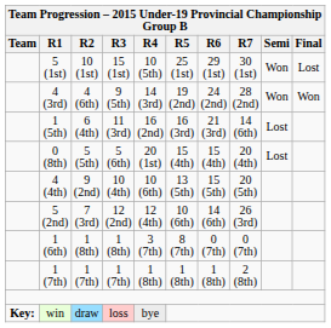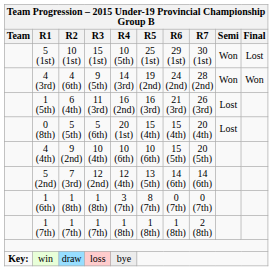 <table class="wikitable collapsible" style="text-align:center; line-height:100%; width:50%; font-size:90%">
 <tr>
 <th colspan=100%>Team Progression – 2015 Under-19 Provincial Championship Group B</th>
 </tr>
 <tr>
 <th style="text-align:left; width:37%;">Team</th>
 <th style="width:7%;">R1</th>
 <th style="width:7%;">R2</th>
 <th style="width:7%;">R3</th>
 <th style="width:7%;">R4</th>
 <th style="width:7%;">R5</th>
 <th style="width:7%;">R6</th>
 <th style="width:7%;">R7</th>
 <th style="width:7%;">Semi</th>
 <th style="width:7%;">Final</th>
 </tr>
 <tr>
 <td align=left></td>
 <td>5 <br>(1st)</td>
 <td>10 <br>(1st)</td>
 <td>15 <br>(1st)</td>
 <td>10 <br>(5th)</td>
 <td>25 <br>(1st)</td>
 <td>29 <br>(1st)</td>
 <td>30 <br>(1st)</td>
 <td>Won</td>
 <td>Lost</td>
 </tr>
 <tr>
 <td align=left></td>
 <td>4 <br>(3rd)</td>
 <td>4 <br>(6th)</td>
 <td>9 <br>(5th)</td>
 <td>14 <br>(3rd)</td>
 <td>19 <br>(2nd)</td>
 <td>24 <br>(2nd)</td>
 <td>28 <br>(2nd)</td>
 <td>Won</td>
 <td>Won</td>
 </tr>
 <tr>
 <td align=left></td>
 <td>1 <br>(5th)</td>
 <td>6 <br>(4th)</td>
 <td>11 <br>(3rd)</td>
 <td>16 <br>(2nd)</td>
 <td>16 <br>(3rd)</td>
 <td>21 <br>(3rd)</td>
-<td>14 <br>(6th)</td>
+<td>26 <br>(3rd)</td>
 <td>Lost</td>
 <td> </td>
 </tr>
 <tr>
 <td align=left></td>
 <td>0 <br>(8th)</td>
 <td>5 <br>(5th)</td>
 <td>5 <br>(6th)</td>
 <td>20 <br>(1st)</td>
 <td>15 <br>(4th)</td>
 <td>15 <br>(4th)</td>
 <td>20 <br>(4th)</td>
 <td>Lost</td>
 <td> </td>
 </tr>
 <tr>
 <td align=left></td>
 <td>4 <br>(4th)</td>
 <td>9 <br>(2nd)</td>
 <td>10 <br>(4th)</td>
 <td>10 <br>(6th)</td>
-<td>13 <br>(5th)</td>
+<td>10 <br>(6th)</td>
 <td>15 <br>(5th)</td>
 <td>20 <br>(5th)</td>
 <td> </td>
 <td> </td>
 </tr>
 <tr>
 <td align=left></td>
 <td>5 <br>(2nd)</td>
 <td>7 <br>(3rd)</td>
 <td>12 <br>(2nd)</td>
 <td>12 <br>(4th)</td>
-<td>10 <br>(6th)</td>
+<td>13 <br>(5th)</td>
 <td>14 <br>(6th)</td>
-<td>26 <br>(3rd)</td>
+<td>14 <br>(6th)</td>
 <td> </td>
 <td> </td>
 </tr>
 <tr>
 <td align=left></td>
 <td>1 <br>(6th)</td>
 <td>1 <br>(8th)</td>
 <td>1 <br>(8th)</td>
 <td>3 <br>(7th)</td>
 <td>8 <br>(7th)</td>
 <td>0 <br>(7th)</td>
 <td>0 <br>(7th)</td>
 <td> </td>
 <td> </td>
 </tr>
 <tr>
 <td align=left></td>
 <td>1 <br>(7th)</td>
 <td>1 <br>(7th)</td>
 <td>1 <br>(7th)</td>
 <td>1 <br>(8th)</td>
 <td>1 <br>(8th)</td>
 <td>1 <br>(8th)</td>
 <td>2 <br>(8th)</td>
 <td> </td>
 <td> </td>
 </tr>
 <tr>
 <td colspan=100% style="height:10px"></td>
 </tr>
 <tr>
 <td><strong>Key:</strong></td>
 <td style="background:#E8FFD8;">win</td>
 <td style="background:#97DEFF;">draw</td>
 <td style="background:#FFCCCC;">loss</td>
 <td style="background:#ECECEC;">bye</td>
 <td colspan=100%></td>
 </tr>
 </table>
